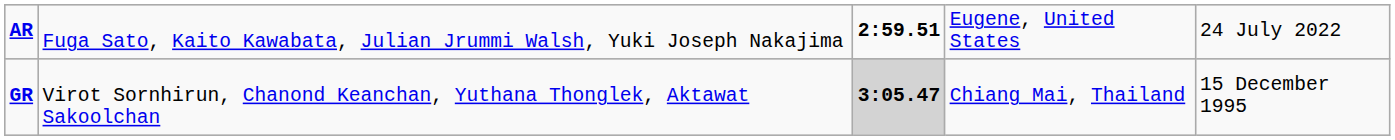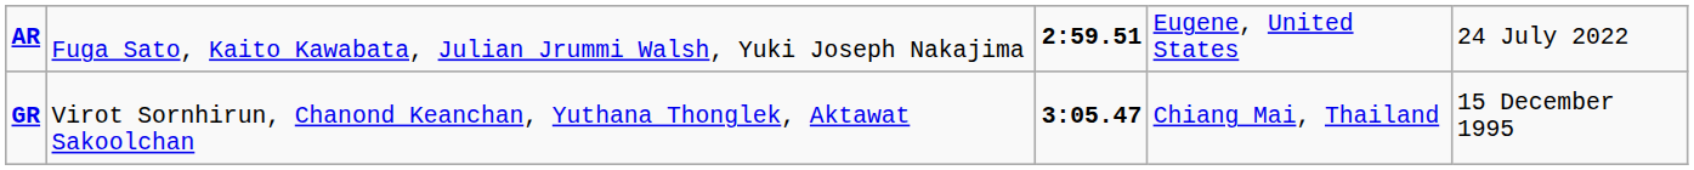 <table class="wikitable" style="font-size:95%; position:relative;">
 <tr>
 <td align=center><strong><a href='#'>AR</a></strong></td>
 <td><br><a href='#'>Fuga Sato</a>, <a href='#'>Kaito Kawabata</a>, <a href='#'>Julian Jrummi Walsh</a>, Yuki Joseph Nakajima</td>
 <td><strong>2:59.51</strong></td>
 <td><a href='#'>Eugene</a>, <a href='#'>United States</a></td>
 <td>24 July 2022</td>
 </tr>
 <tr>
 <td align=center><strong><a href='#'>GR</a></strong></td>
 <td><br>	Virot Sornhirun, <a href='#'>Chanond Keanchan</a>, <a href='#'>Yuthana Thonglek</a>, <a href='#'>Aktawat Sakoolchan</a></td>
-<td style="background: lightgrey;"><strong>3:05.47</strong></td>
+<td><strong>3:05.47</strong></td>
 <td><a href='#'>Chiang Mai</a>, <a href='#'>Thailand</a></td>
 <td>15 December 1995</td>
 </tr>
 </table>
